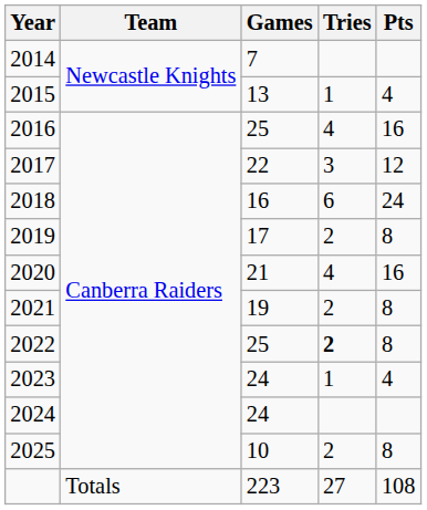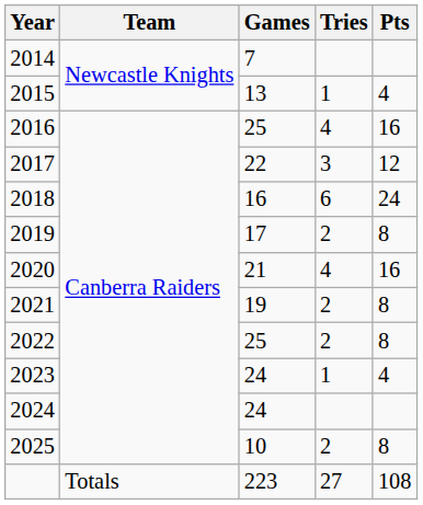 <table class="wikitable">
 <tr>
 <th>Year</th>
 <th>Team</th>
 <th>Games</th>
 <th>Tries</th>
 <th>Pts</th>
 </tr>
 <tr>
 <td>2014</td>
 <td rowspan="2"> <a href='#'>Newcastle Knights</a></td>
 <td>7</td>
 <td></td>
 <td></td>
 </tr>
 <tr>
 <td>2015</td>
 <td>13</td>
 <td>1</td>
 <td>4</td>
 </tr>
 <tr>
 <td>2016</td>
 <td rowspan="10"> <a href='#'>Canberra Raiders</a></td>
 <td>25</td>
 <td>4</td>
 <td>16</td>
 </tr>
 <tr>
 <td>2017</td>
 <td>22</td>
 <td>3</td>
 <td>12</td>
 </tr>
 <tr>
 <td>2018</td>
 <td>16</td>
 <td>6</td>
 <td>24</td>
 </tr>
 <tr>
 <td>2019</td>
 <td>17</td>
 <td>2</td>
 <td>8</td>
 </tr>
 <tr>
 <td>2020</td>
 <td>21</td>
 <td>4</td>
 <td>16</td>
 </tr>
 <tr>
 <td>2021</td>
 <td>19</td>
 <td>2</td>
 <td>8</td>
 </tr>
 <tr>
 <td>2022</td>
 <td>25</td>
-<td><strong>2</strong></td>
+<td>2</td>
 <td>8</td>
 </tr>
 <tr>
 <td>2023</td>
 <td>24</td>
 <td>1</td>
 <td>4</td>
 </tr>
 <tr>
 <td>2024</td>
 <td>24</td>
 <td></td>
 <td></td>
 </tr>
 <tr>
 <td>2025</td>
 <td>10</td>
 <td>2</td>
 <td>8</td>
 </tr>
 <tr>
 <td></td>
 <td>Totals</td>
 <td>223</td>
 <td>27</td>
 <td>108</td>
 </tr>
 </table>
